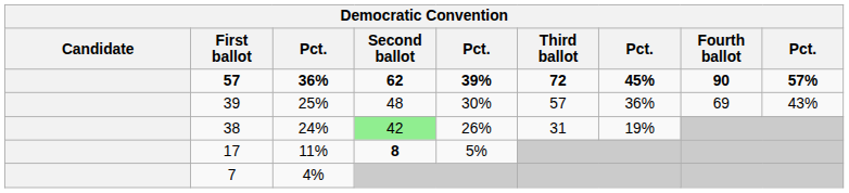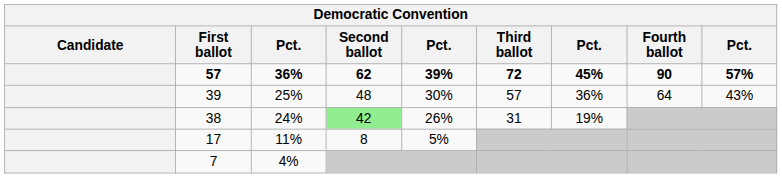 <table class="wikitable sortable plainrowheaders">
 <tr>
 <th colspan="9" >Democratic Convention</th>
 </tr>
 <tr style="background:#eee; text-align:center;">
 <th scope="col" style="width: 12em">Candidate</th>
 <th scope="col"  style="width: 5em">First ballot</th>
 <th scope="col"  style="width: 5em">Pct.</th>
 <th scope="col"  style="width: 5em">Second ballot</th>
 <th scope="col"  style="width: 5em">Pct.</th>
 <th scope="col"  style="width: 5em">Third ballot</th>
 <th scope="col"  style="width: 5em">Pct.</th>
 <th scope="col"  style="width: 5em">Fourth ballot</th>
 <th scope="col"  style="width: 5em">Pct.</th>
 </tr>
 <tr>
 <th scope="row"><strong></strong></th>
 <td style="text-align:center;"><strong>57</strong></td>
 <td style="text-align:center;"><strong>36%</strong></td>
 <td style="text-align:center;"><strong>62</strong></td>
 <td style="text-align:center;"><strong>39%</strong></td>
 <td style="text-align:center;"><strong>72</strong></td>
 <td style="text-align:center;"><strong>45%</strong></td>
 <td style="text-align:center;"><strong>90</strong></td>
 <td style="text-align:center;"><strong>57%</strong></td>
 </tr>
 <tr>
 <th scope="row"></th>
 <td style="text-align:center;">39</td>
 <td style="text-align:center;">25%</td>
 <td style="text-align:center;">48</td>
 <td style="text-align:center;">30%</td>
 <td style="text-align:center;">57</td>
 <td style="text-align:center;">36%</td>
-<td style="text-align:center;">69</td>
+<td style="text-align:center;">64</td>
 <td style="text-align:center;">43%</td>
 </tr>
 <tr>
 <th scope="row"></th>
 <td style="text-align:center;">38</td>
 <td style="text-align:center;">24%</td>
 <td style="background: lightgreen; text-align:center;">42</td>
 <td style="text-align:center;">26%</td>
 <td style="text-align:center;">31</td>
 <td style="text-align:center;">19%</td>
 <td colspan=2 style="text-align:center; background:#cbcbcb"></td>
 </tr>
 <tr>
 <th scope="row"></th>
 <td style="text-align:center;">17</td>
 <td style="text-align:center;">11%</td>
-<td style="text-align:center;"><strong>8</strong></td>
+<td style="text-align:center;">8</td>
 <td style="text-align:center;">5%</td>
 <td colspan=2 style="text-align:center; background:#cbcbcb"></td>
 <td colspan=2 style="text-align:center; background:#cbcbcb"></td>
 </tr>
 <tr>
 <th scope="row"></th>
 <td style="text-align:center;">7</td>
 <td style="text-align:center;">4%</td>
 <td colspan=2 style="text-align:center; background:#cbcbcb"></td>
 <td colspan=2 style="text-align:center; background:#cbcbcb"></td>
 <td colspan=2 style="text-align:center; background:#cbcbcb"></td>
 </tr>
 </table>
